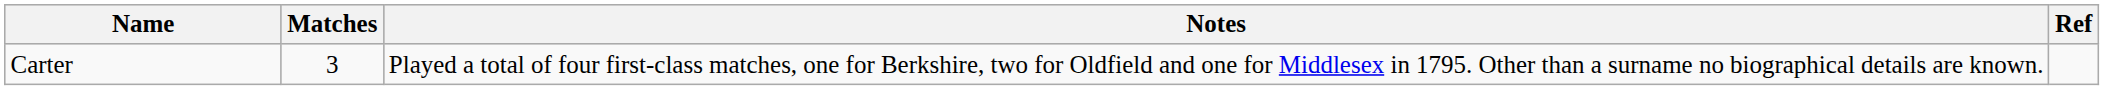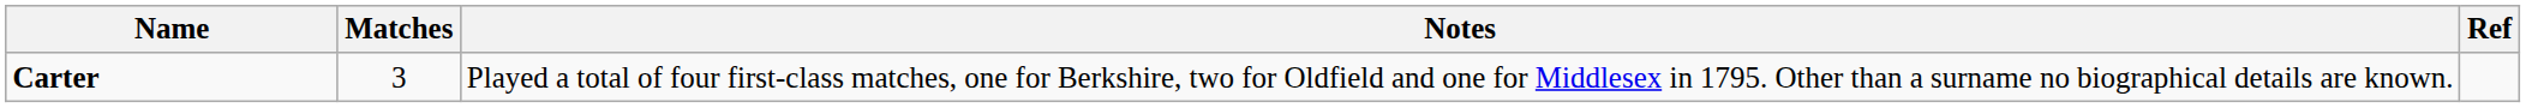 <table class="wikitable">
 <tr>
 <th style="width:170px">Name</th>
 <th>Matches</th>
 <th>Notes</th>
 <th>Ref</th>
 </tr>
 <tr>
-<td>Carter</td>
+<td><strong>Carter</strong></td>
 <td align=center>3</td>
 <td>Played a total of four first-class matches, one for Berkshire, two for Oldfield and one for <a href='#'>Middlesex</a> in 1795. Other than a surname no biographical details are known.</td>
 <td></td>
 </tr>
 </table>
